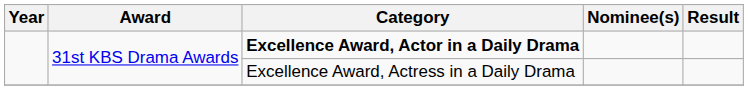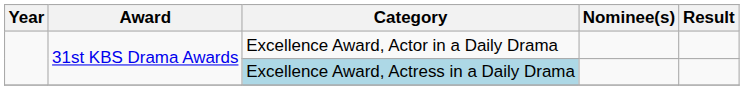 <table class="wikitable">
 <tr>
 <th>Year</th>
 <th>Award</th>
 <th>Category</th>
 <th>Nominee(s)</th>
 <th>Result</th>
 </tr>
 <tr>
 <td rowspan="2"></td>
 <td rowspan="2"><a href='#'>31st KBS Drama Awards</a></td>
-<td><strong>Excellence Award, Actor in a Daily Drama</strong></td>
+<td>Excellence Award, Actor in a Daily Drama</td>
 <td></td>
 <td></td>
 </tr>
 <tr>
-<td>Excellence Award, Actress in a Daily Drama</td>
+<td style="background: lightblue;">Excellence Award, Actress in a Daily Drama</td>
 <td></td>
 <td></td>
 </tr>
 <tr>
 </tr>
 </table>
